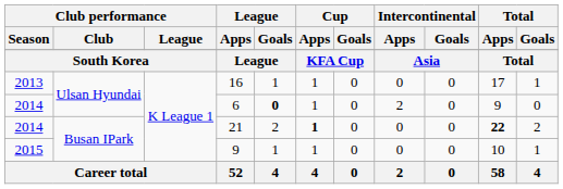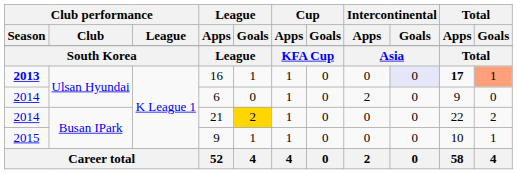 <table class="wikitable" style="text-align:center">
 <tr>
 <th colspan=3>Club performance</th>
 <th colspan=2>League</th>
 <th colspan=2>Cup</th>
 <th colspan=2>Intercontinental</th>
 <th colspan=2>Total</th>
 </tr>
 <tr>
 <th>Season</th>
 <th>Club</th>
 <th>League</th>
 <th>Apps</th>
 <th>Goals</th>
 <th>Apps</th>
 <th>Goals</th>
 <th>Apps</th>
 <th>Goals</th>
 <th>Apps</th>
 <th>Goals</th>
 </tr>
 <tr>
 </tr>
 <tr>
 <th colspan=3>South Korea</th>
 <th colspan=2>League</th>
 <th colspan=2><a href='#'>KFA Cup</a></th>
 <th colspan=2><a href='#'>Asia</a></th>
 <th colspan=2>Total</th>
 </tr>
 <tr>
-<td><a href='#'>2013</a></td>
+<td><strong><a href='#'>2013</a></strong></td>
 <td rowspan="2"><a href='#'>Ulsan Hyundai</a></td>
 <td rowspan="4"><a href='#'>K League 1</a></td>
 <td>16</td>
 <td>1</td>
 <td>1</td>
 <td>0</td>
 <td>0</td>
-<td>0</td>
-<td>17</td>
-<td>1</td>
+<td style="background: lavender;">0</td>
+<td><strong>17</strong></td>
+<td style="background: lightsalmon;">1</td>
 </tr>
 <tr>
 <td><a href='#'>2014</a></td>
 <td>6</td>
-<td><strong>0</strong></td>
+<td>0</td>
 <td>1</td>
 <td>0</td>
 <td>2</td>
 <td>0</td>
 <td>9</td>
 <td>0</td>
 </tr>
 <tr>
 <td><a href='#'>2014</a></td>
 <td rowspan="2"><a href='#'>Busan IPark</a></td>
 <td>21</td>
-<td>2</td>
-<td><strong>1</strong></td>
+<td style="background: gold;">2</td>
+<td>1</td>
 <td>0</td>
 <td>0</td>
 <td>0</td>
-<td><strong>22</strong></td>
+<td>22</td>
 <td>2</td>
 </tr>
 <tr>
 <td><a href='#'>2015</a></td>
 <td>9</td>
 <td>1</td>
 <td>1</td>
 <td>0</td>
 <td>0</td>
 <td>0</td>
 <td>10</td>
 <td>1</td>
 </tr>
 <tr>
 <th colspan=3>Career total</th>
 <th>52</th>
 <th>4</th>
 <th>4</th>
 <th>0</th>
 <th>2</th>
 <th>0</th>
 <th>58</th>
 <th>4</th>
 </tr>
 </table>
